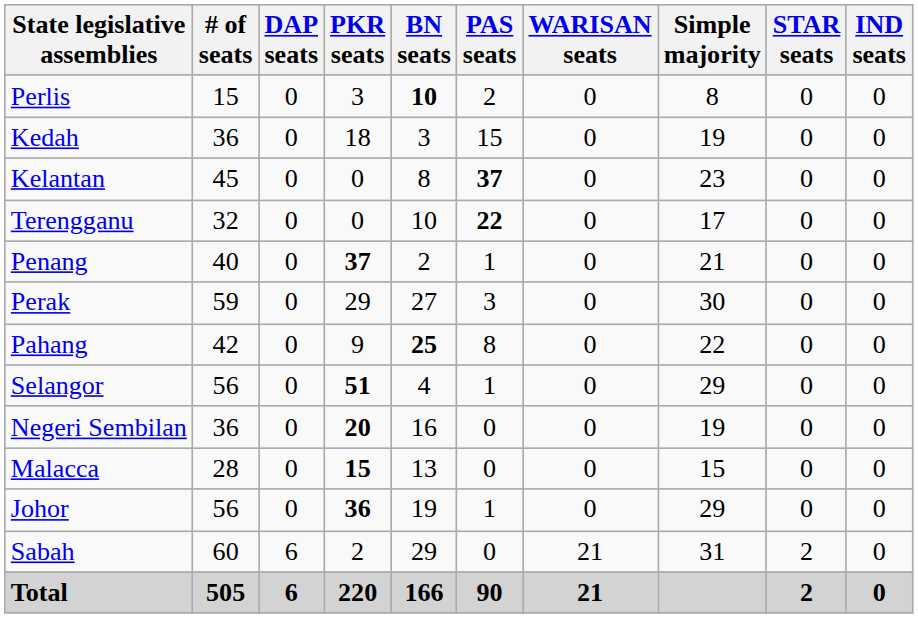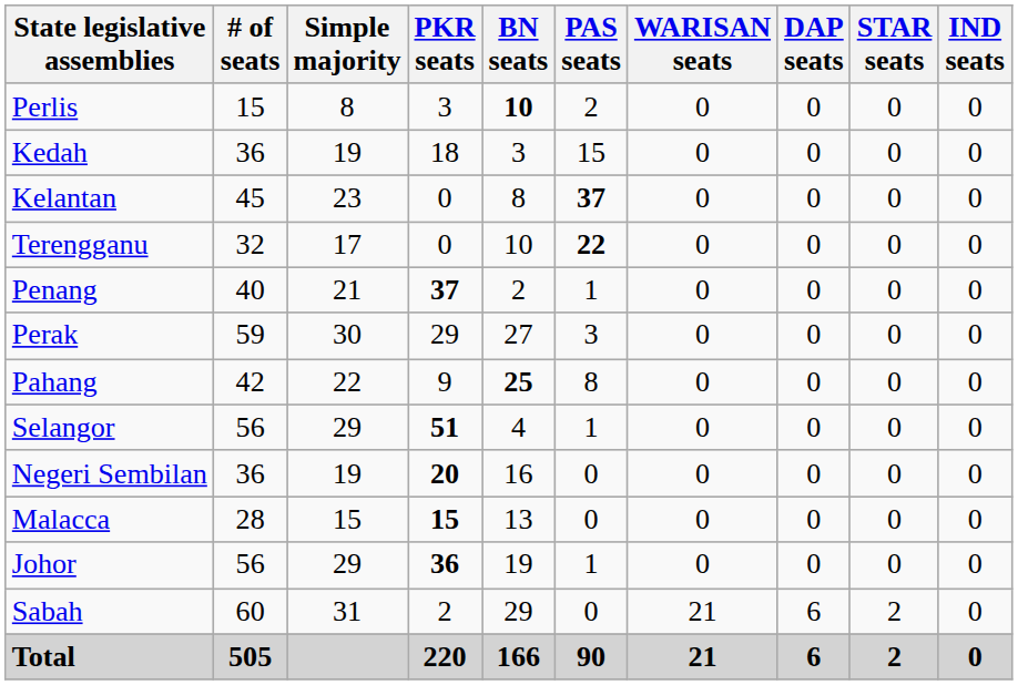 <table class="wikitable sortable" style="text-align:center">
 <tr>
 <th>State legislative<br>assemblies</th>
 <th># of<br>seats</th>
-<th><a href='#'>DAP</a><br>seats</th>
+<th>Simple<br>majority</th>
 <th><a href='#'>PKR</a><br>seats</th>
 <th><a href='#'>BN</a><br>seats</th>
 <th><a href='#'>PAS</a><br>seats</th>
 <th><a href='#'>WARISAN</a><br>seats</th>
-<th>Simple<br>majority</th>
+<th><a href='#'>DAP</a><br>seats</th>
 <th><a href='#'>STAR</a><br>seats</th>
 <th><a href='#'>IND</a><br>seats</th>
 </tr>
 <tr>
 <td style="text-align:left"> <a href='#'>Perlis</a></td>
 <td>15</td>
-<td>0</td>
+<td>8</td>
 <td>3</td>
 <td style="background:"><strong>10</strong></td>
 <td>2</td>
 <td>0</td>
-<td>8</td>
+<td>0</td>
 <td>0</td>
 <td>0</td>
 </tr>
 <tr>
 <td style="text-align:left"> <a href='#'>Kedah</a></td>
 <td>36</td>
-<td>0</td>
+<td>19</td>
 <td>18</td>
 <td>3</td>
 <td>15</td>
 <td>0</td>
-<td>19</td>
+<td>0</td>
 <td>0</td>
 <td>0</td>
 </tr>
 <tr>
 <td style="text-align:left"> <a href='#'>Kelantan</a></td>
 <td>45</td>
-<td>0</td>
+<td>23</td>
 <td>0</td>
 <td>8</td>
 <td style="background:"><strong>37</strong></td>
 <td>0</td>
-<td>23</td>
+<td>0</td>
 <td>0</td>
 <td>0</td>
 </tr>
 <tr>
 <td style="text-align:left"> <a href='#'>Terengganu</a></td>
 <td>32</td>
-<td>0</td>
+<td>17</td>
 <td>0</td>
 <td>10</td>
 <td style="background:"><strong>22</strong></td>
 <td>0</td>
-<td>17</td>
+<td>0</td>
 <td>0</td>
 <td>0</td>
 </tr>
 <tr>
 <td style="text-align:left"> <a href='#'>Penang</a></td>
 <td>40</td>
-<td>0</td>
+<td>21</td>
 <td style="background:"><strong>37</strong></td>
 <td>2</td>
 <td>1</td>
 <td>0</td>
-<td>21</td>
+<td>0</td>
 <td>0</td>
 <td>0</td>
 </tr>
 <tr>
 <td style="text-align:left"> <a href='#'>Perak</a></td>
 <td>59</td>
-<td>0</td>
+<td>30</td>
 <td>29</td>
 <td>27</td>
 <td>3</td>
 <td>0</td>
-<td>30</td>
+<td>0</td>
 <td>0</td>
 <td>0</td>
 </tr>
 <tr>
 <td style="text-align:left"> <a href='#'>Pahang</a></td>
 <td>42</td>
-<td>0</td>
+<td>22</td>
 <td>9</td>
 <td style="background:"><strong>25</strong></td>
 <td>8</td>
 <td>0</td>
-<td>22</td>
+<td>0</td>
 <td>0</td>
 <td>0</td>
 </tr>
 <tr>
 <td style="text-align:left"> <a href='#'>Selangor</a></td>
 <td>56</td>
-<td>0</td>
+<td>29</td>
 <td style="background:"><strong>51</strong></td>
 <td>4</td>
 <td>1</td>
 <td>0</td>
-<td>29</td>
+<td>0</td>
 <td>0</td>
 <td>0</td>
 </tr>
 <tr>
 <td style="text-align:left"> <a href='#'>Negeri Sembilan</a></td>
 <td>36</td>
-<td>0</td>
+<td>19</td>
 <td style="background:"><strong>20</strong></td>
 <td>16</td>
 <td>0</td>
 <td>0</td>
-<td>19</td>
+<td>0</td>
 <td>0</td>
 <td>0</td>
 </tr>
 <tr>
 <td style="text-align:left"> <a href='#'>Malacca</a></td>
 <td>28</td>
-<td>0</td>
+<td>15</td>
 <td style="background:"><strong>15</strong></td>
 <td>13</td>
 <td>0</td>
 <td>0</td>
-<td>15</td>
+<td>0</td>
 <td>0</td>
 <td>0</td>
 </tr>
 <tr>
 <td style="text-align:left"> <a href='#'>Johor</a></td>
 <td>56</td>
-<td>0</td>
+<td>29</td>
 <td style="background:"><strong>36</strong></td>
 <td>19</td>
 <td>1</td>
 <td>0</td>
-<td>29</td>
+<td>0</td>
 <td>0</td>
 <td>0</td>
 </tr>
 <tr>
 <td style="text-align:left"> <a href='#'>Sabah</a></td>
 <td>60</td>
-<td>6</td>
+<td>31</td>
 <td>2</td>
 <td>29</td>
 <td>0</td>
 <td>21</td>
-<td>31</td>
+<td>6</td>
 <td>2</td>
 <td>0</td>
 </tr>
 <tr class="sortbottom" style="background:lightgrey;">
 <td style="text-align:left"><strong>Total</strong></td>
 <td><strong>505</strong></td>
-<td style="background:"><strong>6</strong></td>
+<td></td>
 <td style="background:"><strong>220</strong></td>
 <td style="background:"><strong>166</strong></td>
 <td style="background:"><strong>90</strong></td>
 <td style="background:"><strong>21</strong></td>
-<td></td>
+<td style="background:"><strong>6</strong></td>
 <td style="background:"><strong>2</strong></td>
 <td style="background:"><strong>0</strong></td>
 </tr>
 </table>
